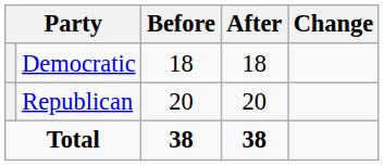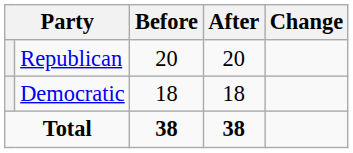 <table class="wikitable" style="text-align:center;">
 <tr>
 <th colspan="2">Party</th>
 <th>Before</th>
 <th>After</th>
 <th>Change</th>
 </tr>
 <tr>
 <th style="background-color:"></th>
-<td style="text-align:left;"><a href='#'>Democratic</a></td>
-<td>18</td>
-<td>18</td>
+<td style="text-align:left;"><a href='#'>Republican</a></td>
+<td>20</td>
+<td>20</td>
 <td></td>
 </tr>
 <tr>
 <th style="background-color:"></th>
-<td style="text-align:left;"><a href='#'>Republican</a></td>
-<td>20</td>
-<td>20</td>
+<td style="text-align:left;"><a href='#'>Democratic</a></td>
+<td>18</td>
+<td>18</td>
 <td></td>
 </tr>
 <tr>
 <td colspan="2"><strong>Total</strong></td>
 <td><strong>38</strong></td>
 <td><strong>38</strong></td>
 <td></td>
 </tr>
 </table>
